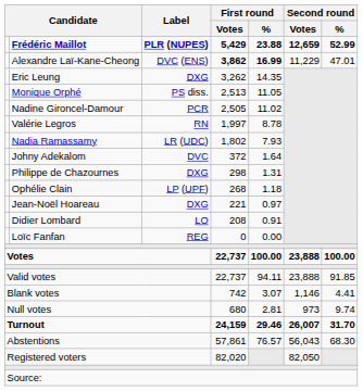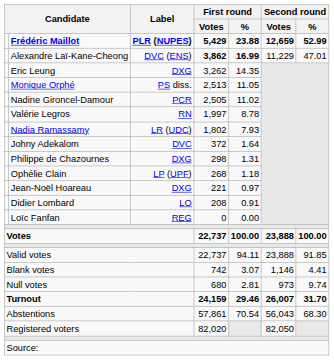 <table class="wikitable" style="text-align:right;font-size:95%;">
 <tr>
 <th rowspan="2" colspan="2">Candidate</th>
 <th rowspan="2">Label</th>
 <th colspan="2">First round</th>
 <th colspan="2">Second round</th>
 </tr>
 <tr>
 <th style="width:50px;">Votes</th>
 <th style="width:45px;">%</th>
 <th style="width:50px;">Votes</th>
 <th style="width:45px;">%</th>
 </tr>
 <tr>
 <td style="color:inherit;background:"></td>
 <td style="text-align:left;"><strong><a href='#'>Frédéric Maillot</a></strong></td>
 <td><strong><a href='#'>PLR</a> (<a href='#'>NUPES</a>)</strong></td>
 <td><strong>5,429</strong></td>
 <td><strong>23.88</strong></td>
 <td><strong>12,659</strong></td>
 <td><strong>52.99</strong></td>
 </tr>
 <tr>
 <td style="color:inherit;background:"></td>
 <td style="text-align:left;">Alexandre Laï-Kane-Cheong</td>
 <td><a href='#'>DVC</a> (<a href='#'>ENS</a>)</td>
 <td><strong>3,862</strong></td>
 <td><strong>16.99</strong></td>
 <td>11,229</td>
 <td>47.01</td>
 </tr>
 <tr>
 <td style="color:inherit;background:"></td>
 <td style="text-align:left;">Eric Leung</td>
 <td><a href='#'>DXG</a></td>
 <td>3,262</td>
 <td>14.35</td>
 <td colspan="2" rowspan="11" style="background:#E9E9E9;"></td>
 </tr>
 <tr>
 <td style="color:inherit;background:"></td>
 <td style="text-align:left;"><a href='#'>Monique Orphé</a></td>
 <td><a href='#'>PS</a> diss.</td>
 <td>2,513</td>
 <td>11.05</td>
 </tr>
 <tr>
 <td style="color:inherit;background:"></td>
 <td style="text-align:left;">Nadine Gironcel-Damour</td>
 <td><a href='#'>PCR</a></td>
 <td>2,505</td>
 <td>11.02</td>
 </tr>
 <tr>
 <td style="color:inherit;background:"></td>
 <td style="text-align:left;">Valérie Legros</td>
 <td><a href='#'>RN</a></td>
 <td>1,997</td>
 <td>8.78</td>
 </tr>
 <tr>
 <td style="color:inherit;background:"></td>
 <td style="text-align:left;"><a href='#'>Nadia Ramassamy</a></td>
 <td><a href='#'>LR</a> (<a href='#'>UDC</a>)</td>
 <td>1,802</td>
 <td>7.93</td>
 </tr>
 <tr>
 <td style="color:inherit;background:"></td>
 <td style="text-align:left;">Johny Adekalom</td>
 <td><a href='#'>DVC</a></td>
 <td>372</td>
 <td>1.64</td>
 </tr>
 <tr>
 <td style="color:inherit;background:"></td>
 <td style="text-align:left;">Philippe de Chazournes</td>
 <td><a href='#'>DXG</a></td>
 <td>298</td>
 <td>1.31</td>
 </tr>
 <tr>
 <td style="color:inherit;background:"></td>
 <td style="text-align:left;">Ophélie Clain</td>
 <td><a href='#'>LP</a> (<a href='#'>UPF</a>)</td>
 <td>268</td>
 <td>1.18</td>
 </tr>
 <tr>
 <td style="color:inherit;background:"></td>
 <td style="text-align:left;">Jean-Noël Hoareau</td>
 <td><a href='#'>DXG</a></td>
 <td>221</td>
 <td>0.97</td>
 </tr>
 <tr>
 <td style="color:inherit;background:"></td>
 <td style="text-align:left;">Didier Lombard</td>
 <td><a href='#'>LO</a></td>
 <td>208</td>
 <td>0.91</td>
 </tr>
 <tr>
 <td style="color:inherit;background:"></td>
 <td style="text-align:left;">Loïc Fanfan</td>
 <td><a href='#'>REG</a></td>
 <td>0</td>
 <td>0.00</td>
 </tr>
 <tr>
 <td colspan="7" style="background:#E9E9E9;"></td>
 </tr>
 <tr style="font-weight:bold;">
 <td colspan="3" style="text-align:left;">Votes</td>
 <td>22,737</td>
 <td>100.00</td>
 <td>23,888</td>
 <td>100.00</td>
 </tr>
 <tr>
 <td colspan="7" style="background:#E9E9E9;"></td>
 </tr>
 <tr>
 <td colspan="3" style="text-align:left;">Valid votes</td>
 <td>22,737</td>
 <td>94.11</td>
 <td>23,888</td>
 <td>91.85</td>
 </tr>
 <tr>
 <td colspan="3" style="text-align:left;">Blank votes</td>
 <td>742</td>
 <td>3.07</td>
 <td>1,146</td>
 <td>4.41</td>
 </tr>
 <tr>
 <td colspan="3" style="text-align:left;">Null votes</td>
 <td>680</td>
 <td>2.81</td>
 <td>973</td>
 <td>9.74</td>
 </tr>
 <tr>
 <td colspan="3" style="text-align:left;"><strong>Turnout</strong></td>
 <td><strong>24,159</strong></td>
 <td><strong>29.46</strong></td>
 <td><strong>26,007</strong></td>
 <td><strong>31.70</strong></td>
 </tr>
 <tr>
 <td colspan="3" style="text-align:left;">Abstentions</td>
 <td>57,861</td>
-<td>76.57</td>
+<td>70.54</td>
 <td>56,043</td>
 <td>68.30</td>
 </tr>
 <tr>
 <td colspan="3" style="text-align:left;">Registered voters</td>
 <td>82,020</td>
 <td style="background:#E9E9E9;"></td>
 <td>82,050</td>
 <td style="background:#E9E9E9;"></td>
 </tr>
 <tr>
 <td colspan="7" style="background:#E9E9E9;"></td>
 </tr>
 <tr>
 <td colspan="7" style="text-align:left;">Source: </td>
 </tr>
 </table>
